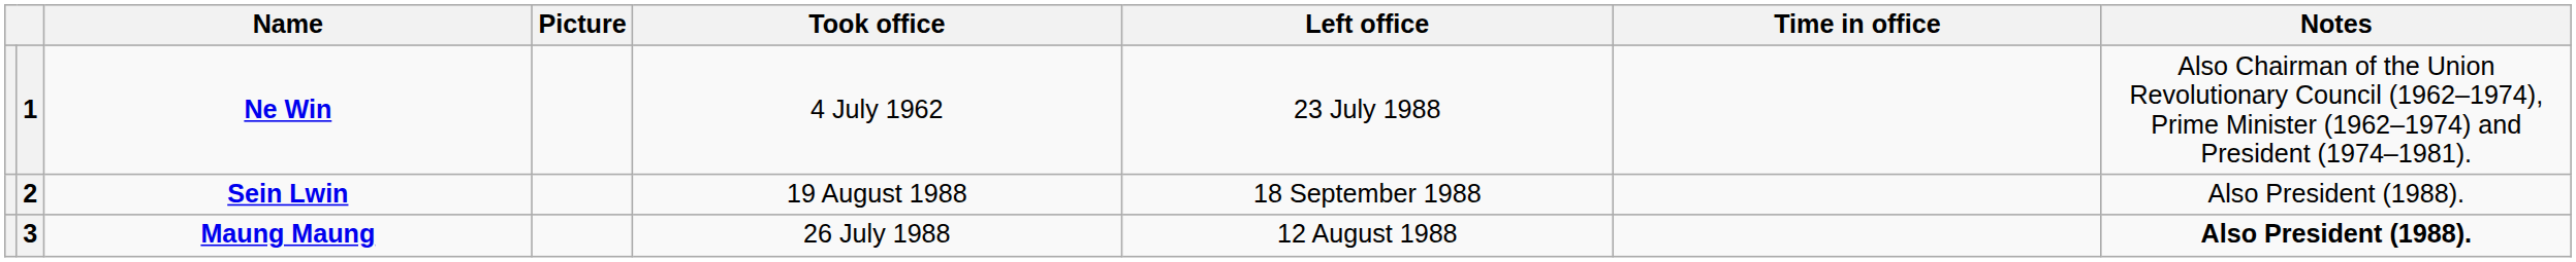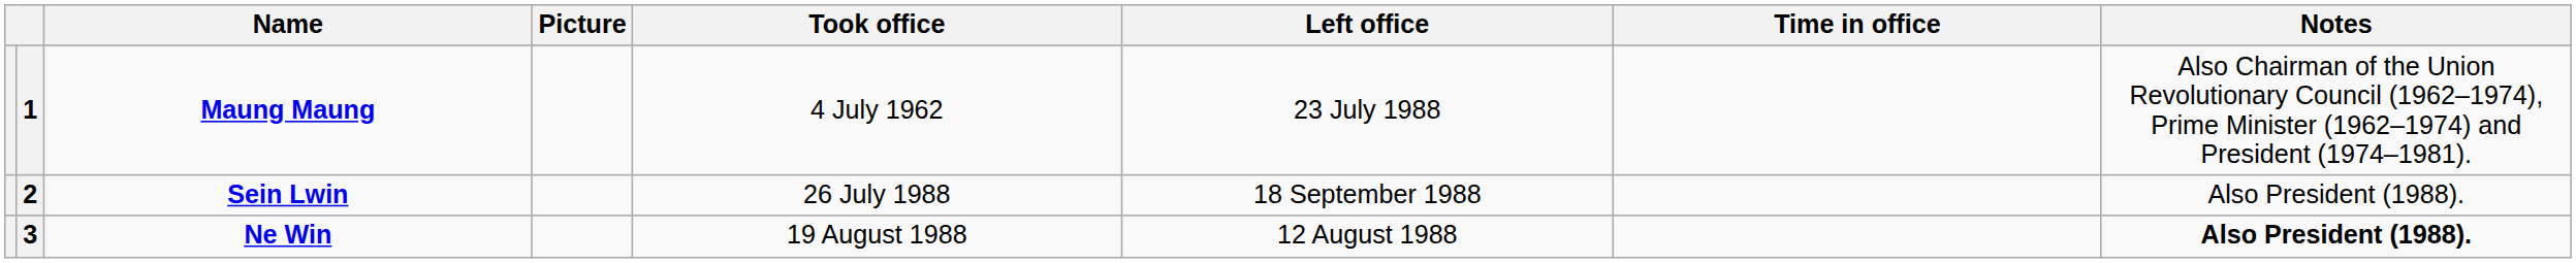 <table class="wikitable" width="100%">
 <tr>
 <th colspan="2" width="1%"></th>
 <th width="20%">Name<br></th>
 <th width="100px">Picture</th>
 <th width="20%">Took office</th>
 <th width="20%">Left office</th>
 <th width="20%">Time in office</th>
 <th width="20%">Notes</th>
 </tr>
 <tr>
 <th style="background:"></th>
 <th style="text-align:center;">1</th>
-<td align=center><strong><a href='#'>Ne Win</a></strong><br></td>
+<td align=center><strong><a href='#'>Maung Maung</a></strong><br></td>
 <td align=center></td>
 <td align=center>4 July 1962</td>
 <td align=center>23 July 1988</td>
 <td align=center></td>
 <td align=center>Also Chairman of the Union Revolutionary Council (1962–1974), Prime Minister (1962–1974) and President (1974–1981).</td>
 </tr>
 <tr>
 <th style="background:"></th>
 <th style="text-align:center;">2</th>
 <td align=center><strong><a href='#'>Sein Lwin</a></strong><br></td>
 <td align=center></td>
-<td align=center>19 August 1988</td>
+<td align=center>26 July 1988</td>
 <td align=center>18 September 1988</td>
 <td align=center></td>
 <td align=center>Also President (1988).</td>
 </tr>
 <tr>
 <th style="background:"></th>
 <th style="text-align:center;">3</th>
-<td align=center><strong><a href='#'>Maung Maung</a></strong><br></td>
+<td align=center><strong><a href='#'>Ne Win</a></strong><br></td>
 <td align=center></td>
-<td align=center>26 July 1988</td>
+<td align=center>19 August 1988</td>
 <td align=center>12 August 1988</td>
 <td align=center></td>
 <td align=center><strong>Also President (1988).</strong></td>
 </tr>
 </table>
